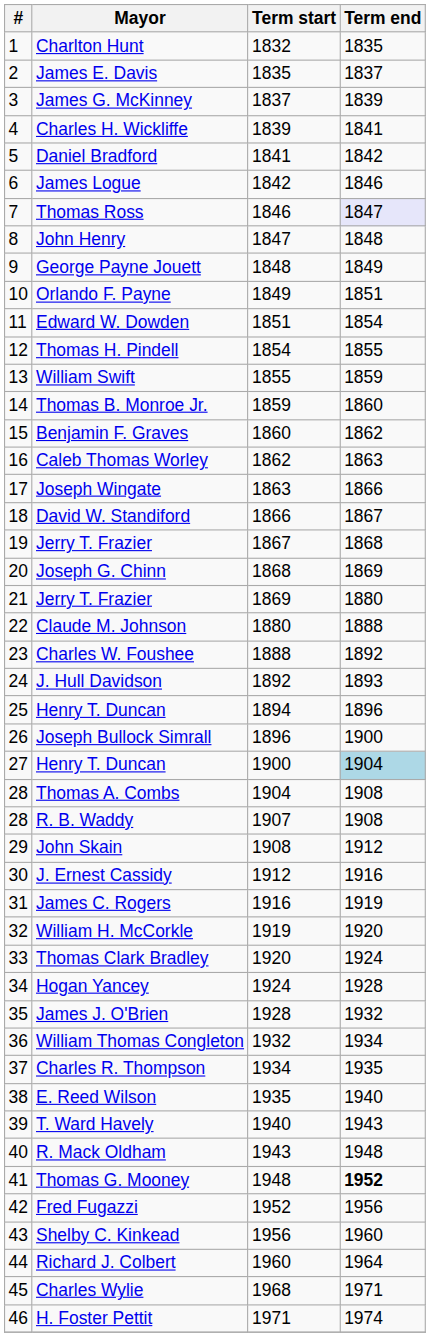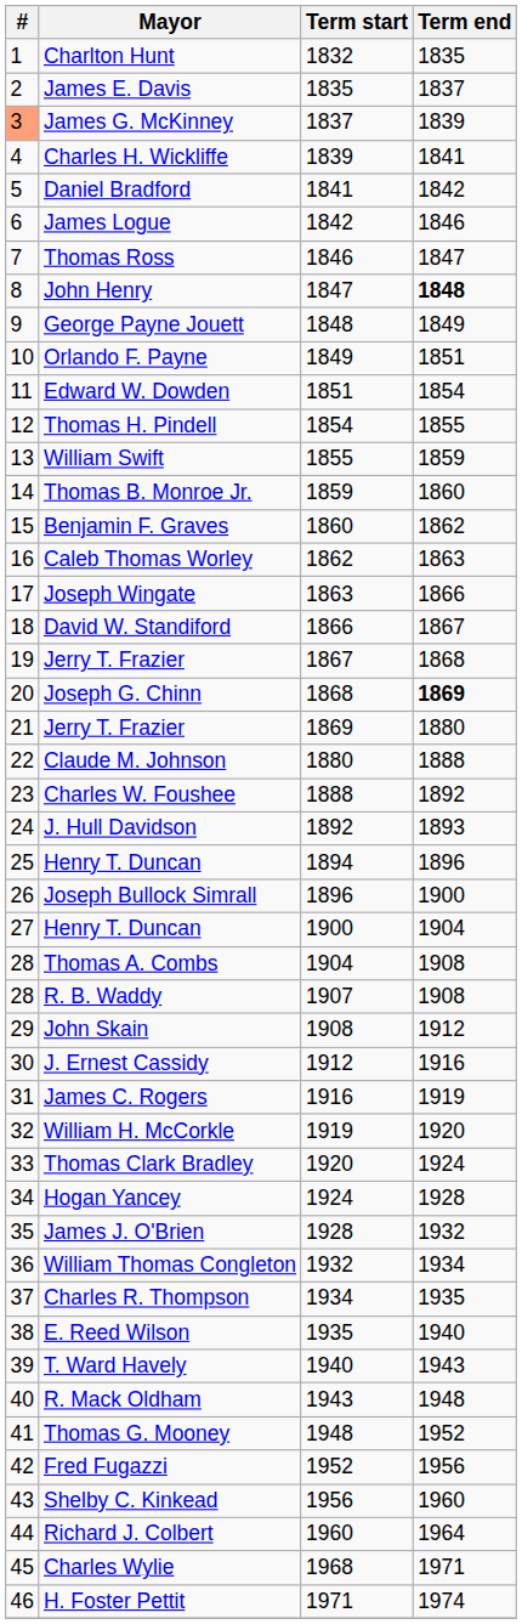 <table class="wikitable sortable">
 <tr>
 <th align=center>#</th>
 <th>Mayor</th>
 <th>Term start</th>
 <th>Term end</th>
 </tr>
 <tr>
 <td>1</td>
 <td><a href='#'>Charlton Hunt</a></td>
 <td>1832</td>
 <td>1835</td>
 </tr>
 <tr>
 <td>2</td>
 <td><a href='#'>James E. Davis</a></td>
 <td>1835</td>
 <td>1837</td>
 </tr>
 <tr>
-<td>3</td>
+<td style="background: lightsalmon;">3</td>
 <td><a href='#'>James G. McKinney</a></td>
 <td>1837</td>
 <td>1839</td>
 </tr>
 <tr>
 <td>4</td>
 <td><a href='#'>Charles H. Wickliffe</a></td>
 <td>1839</td>
 <td>1841</td>
 </tr>
 <tr>
 <td>5</td>
 <td><a href='#'>Daniel Bradford</a></td>
 <td>1841</td>
 <td>1842</td>
 </tr>
 <tr>
 <td>6</td>
 <td><a href='#'>James Logue</a></td>
 <td>1842</td>
 <td>1846</td>
 </tr>
 <tr>
 <td>7</td>
 <td><a href='#'>Thomas Ross</a></td>
 <td>1846</td>
-<td style="background: lavender;">1847</td>
+<td>1847</td>
 </tr>
 <tr>
 <td>8</td>
 <td><a href='#'>John Henry</a></td>
 <td>1847</td>
-<td>1848</td>
+<td><strong>1848</strong></td>
 </tr>
 <tr>
 <td>9</td>
 <td><a href='#'>George Payne Jouett</a></td>
 <td>1848</td>
 <td>1849</td>
 </tr>
 <tr>
 <td>10</td>
 <td><a href='#'>Orlando F. Payne</a></td>
 <td>1849</td>
 <td>1851</td>
 </tr>
 <tr>
 <td>11</td>
 <td><a href='#'>Edward W. Dowden</a></td>
 <td>1851</td>
 <td>1854</td>
 </tr>
 <tr>
 <td>12</td>
 <td><a href='#'>Thomas H. Pindell</a></td>
 <td>1854</td>
 <td>1855</td>
 </tr>
 <tr>
 <td>13</td>
 <td><a href='#'>William Swift</a></td>
 <td>1855</td>
 <td>1859</td>
 </tr>
 <tr>
 <td>14</td>
 <td><a href='#'>Thomas B. Monroe Jr.</a></td>
 <td>1859</td>
 <td>1860</td>
 </tr>
 <tr>
 <td>15</td>
 <td><a href='#'>Benjamin F. Graves</a></td>
 <td>1860</td>
 <td>1862</td>
 </tr>
 <tr>
 <td>16</td>
 <td><a href='#'>Caleb Thomas Worley</a></td>
 <td>1862</td>
 <td>1863</td>
 </tr>
 <tr>
 <td>17</td>
 <td><a href='#'>Joseph Wingate</a></td>
 <td>1863</td>
 <td>1866</td>
 </tr>
 <tr>
 <td>18</td>
 <td><a href='#'>David W. Standiford</a></td>
 <td>1866</td>
 <td>1867</td>
 </tr>
 <tr>
 <td>19</td>
 <td><a href='#'>Jerry T. Frazier</a></td>
 <td>1867</td>
 <td>1868</td>
 </tr>
 <tr>
 <td>20</td>
 <td><a href='#'>Joseph G. Chinn</a></td>
 <td>1868</td>
-<td>1869</td>
+<td><strong>1869</strong></td>
 </tr>
 <tr>
 <td>21</td>
 <td><a href='#'>Jerry T. Frazier</a></td>
 <td>1869</td>
 <td>1880</td>
 </tr>
 <tr>
 <td>22</td>
 <td><a href='#'>Claude M. Johnson</a></td>
 <td>1880</td>
 <td>1888</td>
 </tr>
 <tr>
 <td>23</td>
 <td><a href='#'>Charles W. Foushee</a></td>
 <td>1888</td>
 <td>1892</td>
 </tr>
 <tr>
 <td>24</td>
 <td><a href='#'>J. Hull Davidson</a></td>
 <td>1892</td>
 <td>1893</td>
 </tr>
 <tr>
 <td>25</td>
 <td><a href='#'>Henry T. Duncan</a></td>
 <td>1894</td>
 <td>1896</td>
 </tr>
 <tr>
 <td>26</td>
 <td><a href='#'>Joseph Bullock Simrall</a></td>
 <td>1896</td>
 <td>1900</td>
 </tr>
 <tr>
 <td>27</td>
 <td><a href='#'>Henry T. Duncan</a></td>
 <td>1900</td>
-<td style="background: lightblue;">1904</td>
+<td>1904</td>
 </tr>
 <tr>
 <td>28</td>
 <td><a href='#'>Thomas A. Combs</a></td>
 <td>1904</td>
 <td>1908</td>
 </tr>
 <tr>
 <td>28</td>
 <td><a href='#'>R. B. Waddy</a></td>
 <td>1907</td>
 <td>1908</td>
 </tr>
 <tr>
 <td>29</td>
 <td><a href='#'>John Skain</a></td>
 <td>1908</td>
 <td>1912</td>
 </tr>
 <tr>
 <td>30</td>
 <td><a href='#'>J. Ernest Cassidy</a></td>
 <td>1912</td>
 <td>1916</td>
 </tr>
 <tr>
 <td>31</td>
 <td><a href='#'>James C. Rogers</a></td>
 <td>1916</td>
 <td>1919</td>
 </tr>
 <tr>
 <td>32</td>
 <td><a href='#'>William H. McCorkle</a></td>
 <td>1919</td>
 <td>1920</td>
 </tr>
 <tr>
 <td>33</td>
 <td><a href='#'>Thomas Clark Bradley</a></td>
 <td>1920</td>
 <td>1924</td>
 </tr>
 <tr>
 <td>34</td>
 <td><a href='#'>Hogan Yancey</a></td>
 <td>1924</td>
 <td>1928</td>
 </tr>
 <tr>
 <td>35</td>
 <td><a href='#'>James J. O'Brien</a></td>
 <td>1928</td>
 <td>1932</td>
 </tr>
 <tr>
 <td>36</td>
 <td><a href='#'>William Thomas Congleton</a></td>
 <td>1932</td>
 <td>1934</td>
 </tr>
 <tr>
 <td>37</td>
 <td><a href='#'>Charles R. Thompson</a></td>
 <td>1934</td>
 <td>1935</td>
 </tr>
 <tr>
 <td>38</td>
 <td><a href='#'>E. Reed Wilson</a></td>
 <td>1935</td>
 <td>1940</td>
 </tr>
 <tr>
 <td>39</td>
 <td><a href='#'>T. Ward Havely</a></td>
 <td>1940</td>
 <td>1943</td>
 </tr>
 <tr>
 <td>40</td>
 <td><a href='#'>R. Mack Oldham</a></td>
 <td>1943</td>
 <td>1948</td>
 </tr>
 <tr>
 <td>41</td>
 <td><a href='#'>Thomas G. Mooney</a></td>
 <td>1948</td>
-<td><strong>1952</strong></td>
+<td>1952</td>
 </tr>
 <tr>
 <td>42</td>
 <td><a href='#'>Fred Fugazzi</a></td>
 <td>1952</td>
 <td>1956</td>
 </tr>
 <tr>
 <td>43</td>
 <td><a href='#'>Shelby C. Kinkead</a></td>
 <td>1956</td>
 <td>1960</td>
 </tr>
 <tr>
 <td>44</td>
 <td><a href='#'>Richard J. Colbert</a></td>
 <td>1960</td>
 <td>1964</td>
 </tr>
 <tr>
 <td>45</td>
 <td><a href='#'>Charles Wylie</a></td>
 <td>1968</td>
 <td>1971</td>
 </tr>
 <tr>
 <td>46</td>
 <td><a href='#'>H. Foster Pettit</a></td>
 <td>1971</td>
 <td>1974</td>
 </tr>
 <tr>
 </tr>
 </table>
